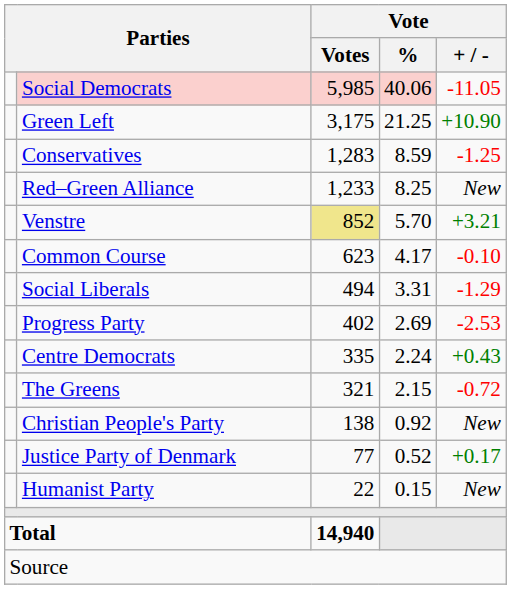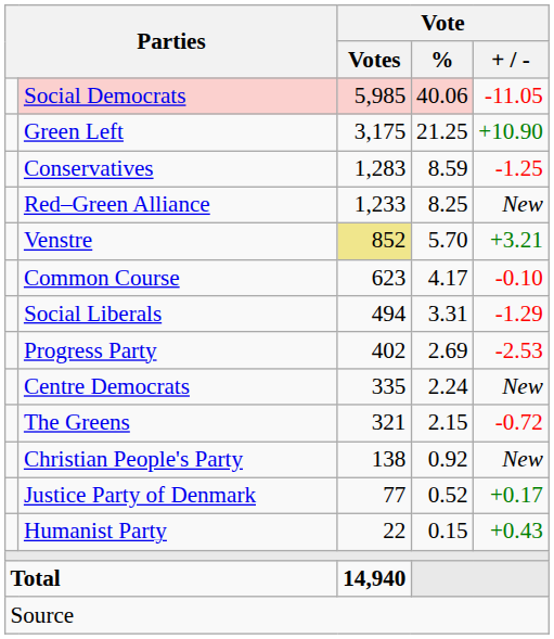 <table class="wikitable" style="text-align:right;">
 <tr>
 <th style="text-align:centre;" rowspan="2" colspan="2" width="225">Parties</th>
 <th colspan="3">Vote</th>
 </tr>
 <tr>
 <th width="15">Votes</th>
 <th width="15">%</th>
 <th width="15">+ / -</th>
 </tr>
 <tr>
 <td width="2" style="color:inherit;background:"></td>
 <td bgcolor=#fbd0ce  align="left"><a href='#'>Social Democrats</a></td>
 <td bgcolor=#fbd0ce>5,985</td>
 <td bgcolor=#fbd0ce>40.06</td>
 <td style=color:red;>-11.05</td>
 </tr>
 <tr>
 <td width="2" style="color:inherit;background:"></td>
 <td align="left"><a href='#'>Green Left</a></td>
 <td>3,175</td>
 <td>21.25</td>
 <td style=color:green;>+10.90</td>
 </tr>
 <tr>
 <td width="2" style="color:inherit;background:"></td>
 <td align="left"><a href='#'>Conservatives</a></td>
 <td>1,283</td>
 <td>8.59</td>
 <td style=color:red;>-1.25</td>
 </tr>
 <tr>
 <td width="2" style="color:inherit;background:"></td>
 <td align="left"><a href='#'>Red–Green Alliance</a></td>
 <td>1,233</td>
 <td>8.25</td>
 <td><em>New</em></td>
 </tr>
 <tr>
 <td width="2" style="color:inherit;background:"></td>
 <td align="left"><a href='#'>Venstre</a></td>
 <td style="background: khaki;">852</td>
 <td>5.70</td>
 <td style=color:green;>+3.21</td>
 </tr>
 <tr>
 <td width="2" style="color:inherit;background:"></td>
 <td align="left"><a href='#'>Common Course</a></td>
 <td>623</td>
 <td>4.17</td>
 <td style=color:red;>-0.10</td>
 </tr>
 <tr>
 <td width="2" style="color:inherit;background:"></td>
 <td align="left"><a href='#'>Social Liberals</a></td>
 <td>494</td>
 <td>3.31</td>
 <td style=color:red;>-1.29</td>
 </tr>
 <tr>
 <td width="2" style="color:inherit;background:"></td>
 <td align="left"><a href='#'>Progress Party</a></td>
 <td>402</td>
 <td>2.69</td>
 <td style=color:red;>-2.53</td>
 </tr>
 <tr>
 <td width="2" style="color:inherit;background:"></td>
 <td align="left"><a href='#'>Centre Democrats</a></td>
 <td>335</td>
 <td>2.24</td>
-<td style=color:green;>+0.43</td>
+<td><em>New</em></td>
 </tr>
 <tr>
 <td width="2" style="color:inherit;background:"></td>
 <td align="left"><a href='#'>The Greens</a></td>
 <td>321</td>
 <td>2.15</td>
 <td style=color:red;>-0.72</td>
 </tr>
 <tr>
 <td width="2" style="color:inherit;background:"></td>
 <td align="left"><a href='#'>Christian People's Party</a></td>
 <td>138</td>
 <td>0.92</td>
 <td><em>New</em></td>
 </tr>
 <tr>
 <td width="2" style="color:inherit;background:"></td>
 <td align="left"><a href='#'>Justice Party of Denmark</a></td>
 <td>77</td>
 <td>0.52</td>
 <td style=color:green;>+0.17</td>
 </tr>
 <tr>
 <td width="2" style="color:inherit;background:"></td>
 <td align="left"><a href='#'>Humanist Party</a></td>
 <td>22</td>
 <td>0.15</td>
-<td><em>New</em></td>
+<td style=color:green;>+0.43</td>
 </tr>
 <tr>
 <td colspan="7" bgcolor="#E9E9E9"></td>
 </tr>
 <tr>
 <td align="left" colspan="2"><strong>Total</strong></td>
 <td><strong>14,940</strong></td>
 <td bgcolor="#E9E9E9" colspan="2"></td>
 </tr>
 <tr>
 <td align="left" colspan="6">Source</td>
 </tr>
 </table>
